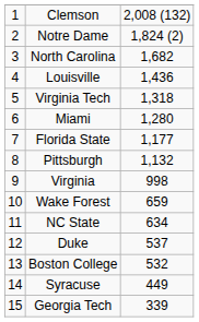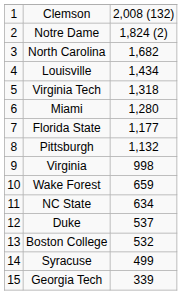 <table class="wikitable" style="display: inline-table;">
 <tr align="center">
 </tr>
 <tr align="center">
 <td>1</td>
 <td>Clemson</td>
 <td>2,008 (132)</td>
 </tr>
 <tr align="center">
 <td>2</td>
 <td>Notre Dame</td>
 <td>1,824 (2)</td>
 </tr>
 <tr align="center">
 <td>3</td>
 <td>North Carolina</td>
 <td>1,682</td>
 </tr>
 <tr align="center">
 <td>4</td>
 <td>Louisville</td>
-<td>1,436</td>
+<td>1,434</td>
 </tr>
 <tr align="center">
 <td>5</td>
 <td>Virginia Tech</td>
 <td>1,318</td>
 </tr>
 <tr align="center">
 <td>6</td>
 <td>Miami</td>
 <td>1,280</td>
 </tr>
 <tr align="center">
 <td>7</td>
 <td>Florida State</td>
 <td>1,177</td>
 </tr>
 <tr align="center">
 <td>8</td>
 <td>Pittsburgh</td>
 <td>1,132</td>
 </tr>
 <tr align="center">
 <td>9</td>
 <td>Virginia</td>
 <td>998</td>
 </tr>
 <tr align="center">
 <td>10</td>
 <td>Wake Forest</td>
 <td>659</td>
 </tr>
 <tr align="center">
 <td>11</td>
 <td>NC State</td>
 <td>634</td>
 </tr>
 <tr align="center">
 <td>12</td>
 <td>Duke</td>
 <td>537</td>
 </tr>
 <tr align="center">
 <td>13</td>
 <td>Boston College</td>
 <td>532</td>
 </tr>
 <tr align="center">
 <td>14</td>
 <td>Syracuse</td>
-<td>449</td>
+<td>499</td>
 </tr>
 <tr align="center">
 <td>15</td>
 <td>Georgia Tech</td>
 <td>339</td>
 </tr>
 </table>
